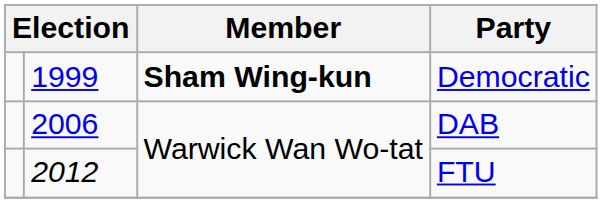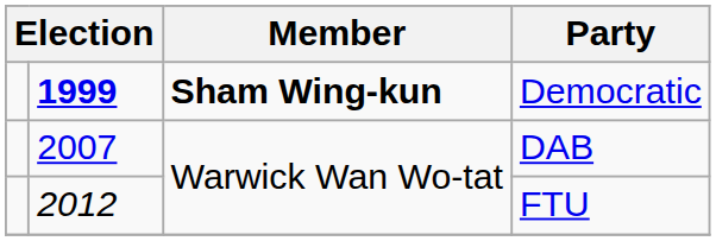 <table class="wikitable">
 <tr>
 <th colspan="2">Election</th>
 <th>Member</th>
 <th>Party</th>
 </tr>
 <tr>
 <td style="color:inherit;background:"></td>
-<td><a href='#'>1999</a></td>
+<td><strong><a href='#'>1999</a></strong></td>
 <td><strong>Sham Wing-kun</strong></td>
 <td><a href='#'>Democratic</a></td>
 </tr>
 <tr>
 <td style="color:inherit;background:"></td>
-<td><a href='#'>2006</a></td>
+<td><a href='#'>2007</a></td>
 <td rowspan=2>Warwick Wan Wo-tat</td>
 <td><a href='#'>DAB</a></td>
 </tr>
 <tr>
 <td style="color:inherit;background:"></td>
 <td><em>2012</em></td>
 <td><a href='#'>FTU</a></td>
 </tr>
 <tr>
 </tr>
 </table>
